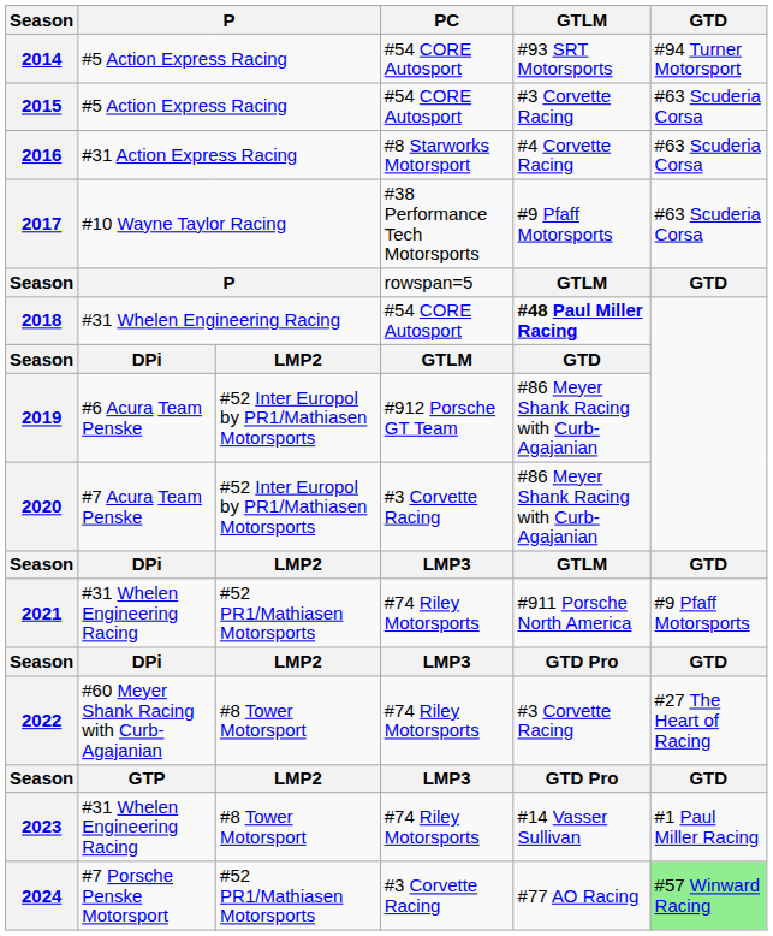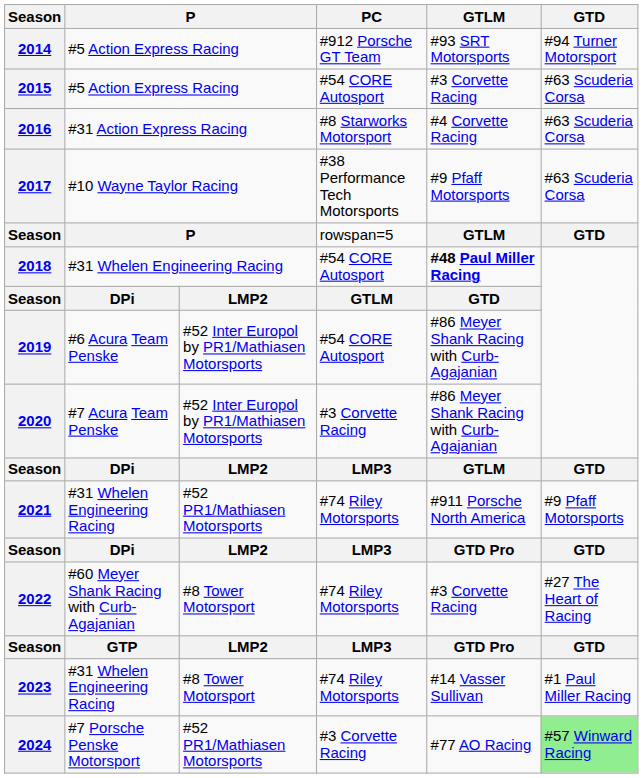 <table class="wikitable" style="font-size:90%">
 <tr>
 <th>Season</th>
 <th colspan=2>P</th>
 <th>PC</th>
 <th>GTLM</th>
 <th>GTD</th>
 </tr>
 <tr>
 <th><a href='#'>2014</a></th>
 <td colspan=2> #5 <a href='#'>Action Express Racing</a></td>
-<td> #54 <a href='#'>CORE Autosport</a></td>
+<td> #912 <a href='#'>Porsche GT Team</a></td>
 <td> #93 <a href='#'>SRT Motorsports</a></td>
 <td> #94 <a href='#'>Turner Motorsport</a></td>
 </tr>
 <tr>
 <th><a href='#'>2015</a></th>
 <td colspan=2> #5 <a href='#'>Action Express Racing</a></td>
 <td> #54 <a href='#'>CORE Autosport</a></td>
 <td> #3 <a href='#'>Corvette Racing</a></td>
 <td> #63 <a href='#'>Scuderia Corsa</a></td>
 </tr>
 <tr>
 <th><a href='#'>2016</a></th>
 <td colspan=2> #31 <a href='#'>Action Express Racing</a></td>
 <td> #8 <a href='#'>Starworks Motorsport</a></td>
 <td> #4 <a href='#'>Corvette Racing</a></td>
 <td> #63 <a href='#'>Scuderia Corsa</a></td>
 </tr>
 <tr>
 <th><a href='#'>2017</a></th>
 <td colspan=2> #10 <a href='#'>Wayne Taylor Racing</a></td>
 <td> #38 Performance Tech Motorsports</td>
 <td> #9 <a href='#'>Pfaff Motorsports</a></td>
 <td> #63 <a href='#'>Scuderia Corsa</a></td>
 </tr>
 <tr>
 <th>Season</th>
 <th colspan=2>P</th>
 <td>rowspan=5 </td>
 <th>GTLM</th>
 <th>GTD</th>
 </tr>
 <tr>
 <th><a href='#'>2018</a></th>
 <td colspan=2> #31 <a href='#'>Whelen Engineering Racing</a></td>
 <td> #54 <a href='#'>CORE Autosport</a></td>
 <td><strong> #48 <a href='#'>Paul Miller Racing</a></strong></td>
 </tr>
 <tr>
 <th>Season</th>
 <th>DPi</th>
 <th>LMP2</th>
 <th>GTLM</th>
 <th>GTD</th>
 </tr>
 <tr>
 <th><a href='#'>2019</a></th>
 <td> #6 <a href='#'>Acura</a> <a href='#'>Team Penske</a></td>
 <td> #52 <a href='#'>Inter Europol</a> by <a href='#'>PR1/Mathiasen Motorsports</a></td>
-<td> #912 <a href='#'>Porsche GT Team</a></td>
+<td> #54 <a href='#'>CORE Autosport</a></td>
 <td> #86 <a href='#'>Meyer Shank Racing</a> with <a href='#'>Curb-Agajanian</a></td>
 </tr>
 <tr>
 <th><a href='#'>2020</a></th>
 <td> #7 <a href='#'>Acura</a> <a href='#'>Team Penske</a></td>
 <td> #52 <a href='#'>Inter Europol</a> by <a href='#'>PR1/Mathiasen Motorsports</a></td>
 <td> #3 <a href='#'>Corvette Racing</a></td>
 <td> #86 <a href='#'>Meyer Shank Racing</a> with <a href='#'>Curb-Agajanian</a></td>
 </tr>
 <tr>
 <th>Season</th>
 <th>DPi</th>
 <th>LMP2</th>
 <th>LMP3</th>
 <th>GTLM</th>
 <th>GTD</th>
 </tr>
 <tr>
 <th><a href='#'>2021</a></th>
 <td> #31 <a href='#'>Whelen Engineering Racing</a></td>
 <td> #52 <a href='#'>PR1/Mathiasen Motorsports</a></td>
 <td> #74 <a href='#'>Riley Motorsports</a></td>
 <td> #911 <a href='#'>Porsche North America</a></td>
 <td> #9 <a href='#'>Pfaff Motorsports</a></td>
 </tr>
 <tr>
 <th>Season</th>
 <th>DPi</th>
 <th>LMP2</th>
 <th>LMP3</th>
 <th>GTD Pro</th>
 <th>GTD</th>
 </tr>
 <tr>
 <th><a href='#'>2022</a></th>
 <td> #60 <a href='#'>Meyer Shank Racing</a> with <a href='#'>Curb-Agajanian</a></td>
 <td> #8 <a href='#'>Tower Motorsport</a></td>
 <td> #74 <a href='#'>Riley Motorsports</a></td>
 <td> #3 <a href='#'>Corvette Racing</a></td>
 <td> #27 <a href='#'>The Heart of Racing</a></td>
 </tr>
 <tr>
 <th>Season</th>
 <th>GTP</th>
 <th>LMP2</th>
 <th>LMP3</th>
 <th>GTD Pro</th>
 <th>GTD</th>
 </tr>
 <tr>
 <th><a href='#'>2023</a></th>
 <td> #31 <a href='#'>Whelen Engineering Racing</a></td>
 <td> #8 <a href='#'>Tower Motorsport</a></td>
 <td> #74 <a href='#'>Riley Motorsports</a></td>
 <td> #14 <a href='#'>Vasser Sullivan</a></td>
 <td> #1 <a href='#'>Paul Miller Racing</a></td>
 </tr>
 <tr>
 <th><a href='#'>2024</a></th>
 <td> #7 <a href='#'>Porsche Penske Motorsport</a></td>
 <td> #52 <a href='#'>PR1/Mathiasen Motorsports</a></td>
 <td> #3 <a href='#'>Corvette Racing</a></td>
 <td> #77 <a href='#'>AO Racing</a></td>
 <td style="background: lightgreen;"> #57 <a href='#'>Winward Racing</a></td>
 </tr>
 </table>
